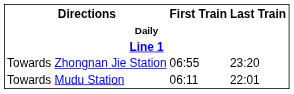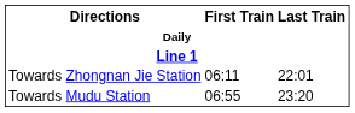 <table style="text-align:centre; font-size:95%; border:1px solid black">
 <tr>
 <th>Directions</th>
 <th>First Train</th>
 <th>Last Train</th>
 </tr>
 <tr>
 <th colspan="5" style="text-align:center"><small>Daily</small></th>
 </tr>
 <tr>
 <th colspan="8" style="background-color:#"><a href='#'>Line 1</a></th>
 </tr>
 <tr>
 <td>Towards <a href='#'>Zhongnan Jie Station</a></td>
+<td>06:11</td>
+<td>22:01</td>
+</tr>
+<tr>
+<td>Towards <a href='#'>Mudu Station</a></td>
 <td>06:55</td>
 <td>23:20</td>
 </tr>
-<tr>
-<td>Towards <a href='#'>Mudu Station</a></td>
-<td>06:11</td>
-<td>22:01</td>
-</tr>
 </table>
